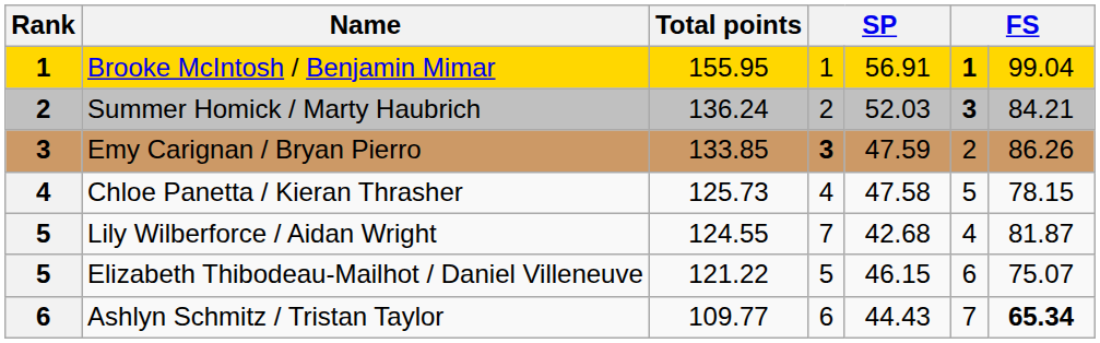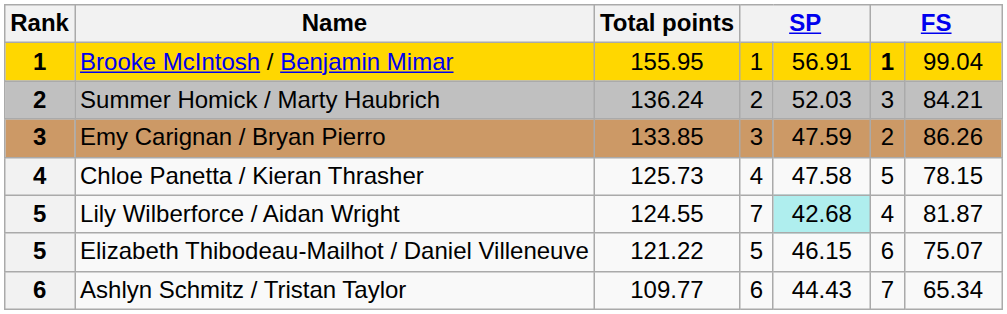 <table class="wikitable sortable">
 <tr>
 <th>Rank</th>
 <th>Name</th>
 <th>Total points</th>
 <th colspan="2" width="80px"><a href='#'>SP</a></th>
 <th colspan="2" width="80px"><a href='#'>FS</a></th>
 </tr>
 <tr bgcolor="gold">
 <td align="center"><strong>1</strong></td>
 <td><a href='#'>Brooke McIntosh</a> / <a href='#'>Benjamin Mimar</a></td>
 <td align="center">155.95</td>
 <td align="center">1</td>
 <td align="center">56.91</td>
 <td align="center"><strong>1</strong></td>
 <td align="center">99.04</td>
 </tr>
 <tr bgcolor="silver">
 <td align="center"><strong>2</strong></td>
 <td>Summer Homick / Marty Haubrich</td>
 <td align="center">136.24</td>
 <td align="center">2</td>
 <td align="center">52.03</td>
-<td align="center"><strong>3</strong></td>
+<td align="center">3</td>
 <td align="center">84.21</td>
 </tr>
 <tr bgcolor="cc9966">
 <td align="center"><strong>3</strong></td>
 <td>Emy Carignan / Bryan Pierro</td>
 <td align="center">133.85</td>
-<td align="center"><strong>3</strong></td>
+<td align="center">3</td>
 <td align="center">47.59</td>
 <td align="center">2</td>
 <td align="center">86.26</td>
 </tr>
 <tr>
 <th>4</th>
 <td>Chloe Panetta / Kieran Thrasher</td>
 <td align="center">125.73</td>
 <td align="center">4</td>
 <td align="center">47.58</td>
 <td align="center">5</td>
 <td align="center">78.15</td>
 </tr>
 <tr>
 <th>5</th>
 <td>Lily Wilberforce / Aidan Wright</td>
 <td align="center">124.55</td>
 <td align="center">7</td>
-<td align="center">42.68</td>
+<td align="center" style="background: paleturquoise;">42.68</td>
 <td align="center">4</td>
 <td align="center">81.87</td>
 </tr>
 <tr>
 <th>5</th>
 <td>Elizabeth Thibodeau-Mailhot / Daniel Villeneuve</td>
 <td align="center">121.22</td>
 <td align="center">5</td>
 <td align="center">46.15</td>
 <td align="center">6</td>
 <td align="center">75.07</td>
 </tr>
 <tr>
 <th>6</th>
 <td>Ashlyn Schmitz / Tristan Taylor</td>
 <td align="center">109.77</td>
 <td align="center">6</td>
 <td align="center">44.43</td>
 <td align="center">7</td>
-<td align="center"><strong>65.34</strong></td>
+<td align="center">65.34</td>
 </tr>
 </table>
